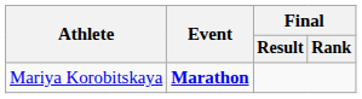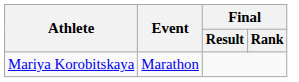 <table class="wikitable" style="font-size:90%">
 <tr>
 <th rowspan="2">Athlete</th>
 <th rowspan="2">Event</th>
 <th colspan="2">Final</th>
 </tr>
 <tr style="font-size:95%">
 <th>Result</th>
 <th>Rank</th>
 </tr>
 <tr style=text-align:center>
 <td style=text-align:left><a href='#'>Mariya Korobitskaya</a></td>
-<td style=text-align:left><strong><a href='#'>Marathon</a></strong></td>
+<td style=text-align:left><a href='#'>Marathon</a></td>
 <td colspan=2></td>
 </tr>
 </table>
